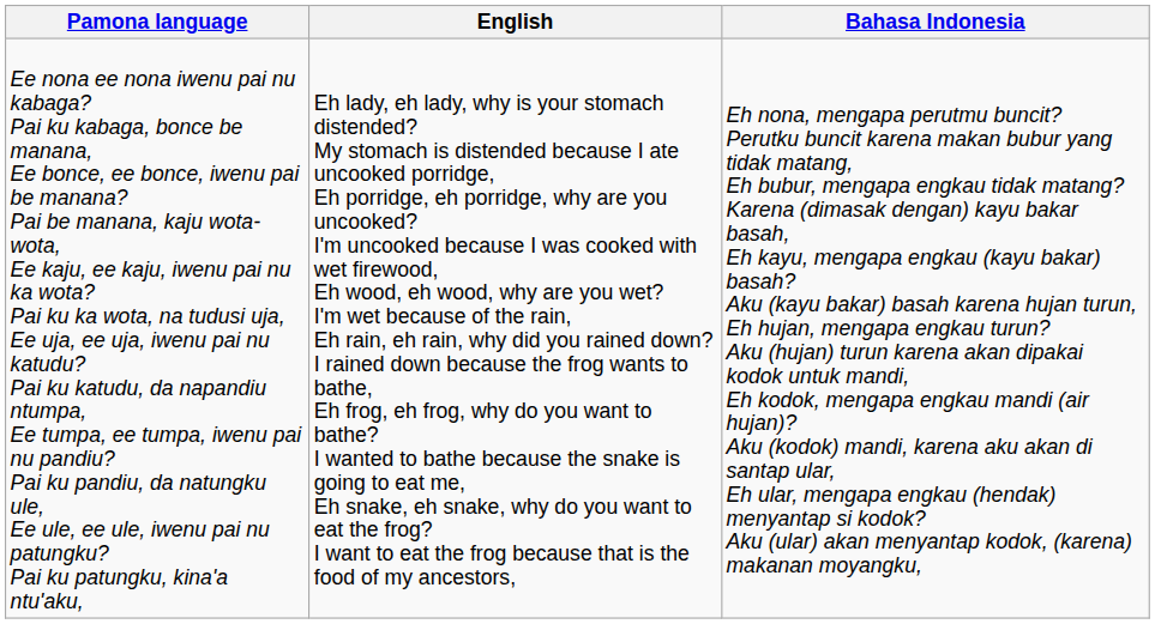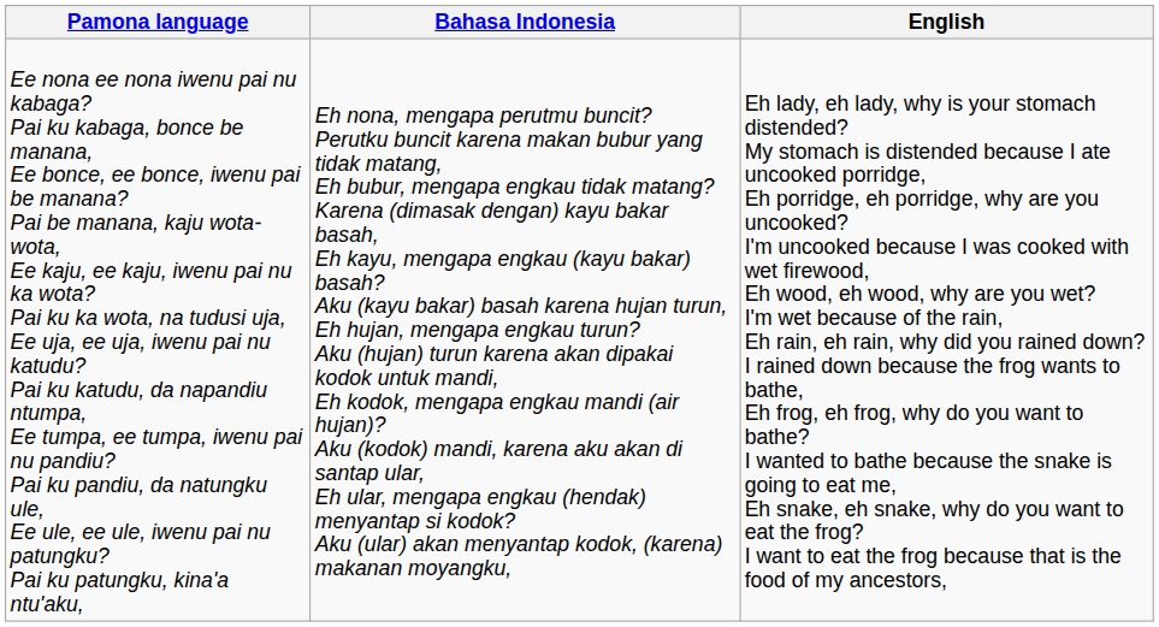 <table class="wikitable">
 <tr>
 <th><a href='#'>Pamona language</a></th>
+<th><a href='#'>Bahasa Indonesia</a></th>
 <th>English</th>
-<th><a href='#'>Bahasa Indonesia</a></th>
 </tr>
 <tr>
 <td><br><em>Ee nona ee nona iwenu pai nu kabaga?</em><br> <em>Pai ku kabaga, bonce be manana,</em><br><em>Ee bonce, ee bonce, iwenu pai be manana?</em><br> <em>Pai be manana, kaju wota-wota,</em><br><em>Ee kaju, ee kaju, iwenu pai nu ka wota?</em><br> <em>Pai ku ka wota, na tudusi uja,</em><br><em>Ee uja, ee uja, iwenu pai nu katudu?</em><br> <em>Pai ku katudu, da napandiu ntumpa,</em><br><em>Ee tumpa, ee tumpa, iwenu pai nu pandiu?</em><br> <em>Pai ku pandiu, da natungku ule,</em><br><em>Ee ule, ee ule, iwenu pai nu patungku?</em><br> <em>Pai ku patungku, kina'a ntu'aku,</em></td>
+<td><br><em>Eh nona, mengapa perutmu buncit?</em><br> <em>Perutku buncit karena makan bubur yang tidak matang,</em><br><em>Eh bubur, mengapa engkau tidak matang?</em><br> <em>Karena (dimasak dengan) kayu bakar basah,</em><br><em>Eh kayu, mengapa engkau (kayu bakar) basah?</em><br> <em>Aku (kayu bakar) basah karena hujan turun,</em><br><em>Eh hujan, mengapa engkau turun?</em><br> <em>Aku (hujan) turun karena akan dipakai kodok untuk mandi,</em><br><em>Eh kodok, mengapa engkau mandi (air hujan)?</em><br> <em>Aku (kodok) mandi, karena aku akan di santap ular,</em><br><em>Eh ular, mengapa engkau (hendak) menyantap si kodok?</em><br> <em>Aku (ular) akan menyantap kodok, (karena) makanan moyangku,</em></td>
 <td><br>Eh lady, eh lady, why is your stomach distended?<br> My stomach is distended because I ate uncooked porridge,<br>Eh porridge, eh porridge, why are you uncooked?<br> I'm uncooked because I was cooked with wet firewood,<br>Eh wood, eh wood, why are you wet?<br> I'm wet because of the rain,<br>Eh rain, eh rain, why did you rained down?<br> I rained down because the frog wants to bathe,<br>Eh frog, eh frog, why do you want to bathe?<br> I wanted to bathe because the snake is going to eat me,<br>Eh snake, eh snake, why do you want to eat the frog?<br> I want to eat the frog because that is the food of my ancestors,</td>
-<td><br><em>Eh nona, mengapa perutmu buncit?</em><br> <em>Perutku buncit karena makan bubur yang tidak matang,</em><br><em>Eh bubur, mengapa engkau tidak matang?</em><br> <em>Karena (dimasak dengan) kayu bakar basah,</em><br><em>Eh kayu, mengapa engkau (kayu bakar) basah?</em><br> <em>Aku (kayu bakar) basah karena hujan turun,</em><br><em>Eh hujan, mengapa engkau turun?</em><br> <em>Aku (hujan) turun karena akan dipakai kodok untuk mandi,</em><br><em>Eh kodok, mengapa engkau mandi (air hujan)?</em><br> <em>Aku (kodok) mandi, karena aku akan di santap ular,</em><br><em>Eh ular, mengapa engkau (hendak) menyantap si kodok?</em><br> <em>Aku (ular) akan menyantap kodok, (karena) makanan moyangku,</em></td>
 </tr>
 </table>
